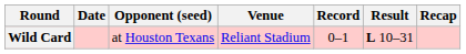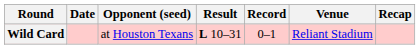 <table class="wikitable" style="text-align:center">
 <tr>
 <th>Round</th>
 <th>Date</th>
 <th>Opponent (seed)</th>
+<th>Result</th>
+<th>Record</th>
 <th>Venue</th>
-<th>Record</th>
-<th>Result</th>
 <th>Recap</th>
 </tr>
 <tr style="background:#fcc">
 <th>Wild Card</th>
 <td></td>
 <td>at <a href='#'>Houston Texans</a></td>
+<td><strong>L</strong> 10–31</td>
+<td>0–1</td>
 <td><a href='#'>Reliant Stadium</a></td>
-<td>0–1</td>
-<td><strong>L</strong> 10–31</td>
 <td></td>
 </tr>
 </table>
